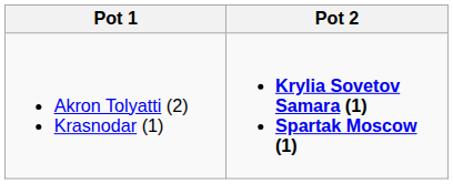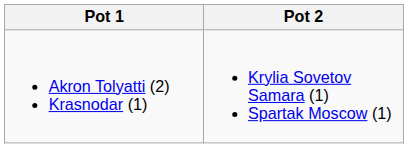 <table class="wikitable">
 <tr>
 <th width="190">Pot 1</th>
 <th width="190">Pot 2</th>
 </tr>
 <tr>
 <td><br><ul><li><a href='#'>Akron Tolyatti</a> (2)</li><li><a href='#'>Krasnodar</a> (1)</li></ul></td>
-<td><strong><br><ul><li><a href='#'>Krylia Sovetov Samara</a> (1)</li><li><a href='#'>Spartak Moscow</a> (1)</li></ul></strong></td>
+<td><br><ul><li><a href='#'>Krylia Sovetov Samara</a> (1)</li><li><a href='#'>Spartak Moscow</a> (1)</li></ul></td>
 </tr>
 </table>
